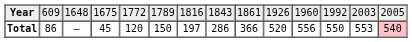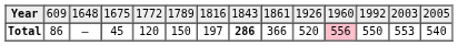 <table border="1" cellpadding="2" cellspacing="0" width="500">
 <tr bgcolor="#eeeeee" align="center">
 <td><strong>Year</strong></td>
 <td>609</td>
 <td>1648</td>
 <td>1675</td>
 <td>1772</td>
 <td>1789</td>
 <td>1816</td>
 <td>1843</td>
 <td>1861</td>
 <td>1926</td>
 <td>1960</td>
 <td>1992</td>
 <td>2003</td>
 <td>2005</td>
 </tr>
 <tr align="center">
 <td><strong>Total</strong></td>
 <td>86</td>
 <td>–</td>
 <td>45</td>
 <td>120</td>
 <td>150</td>
 <td>197</td>
-<td>286</td>
+<td><strong>286</strong></td>
 <td>366</td>
 <td>520</td>
-<td>556</td>
+<td style="background: pink;">556</td>
 <td>550</td>
 <td>553</td>
-<td style="background: pink;">540</td>
+<td>540</td>
 </tr>
 </table>
